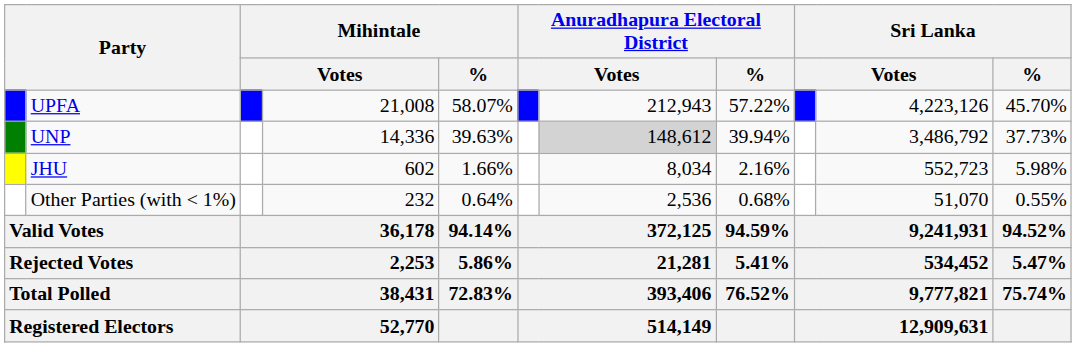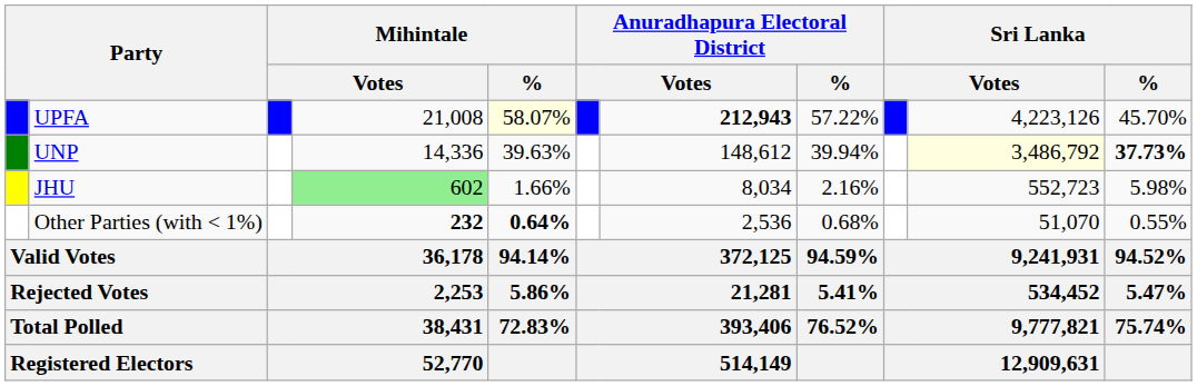 <table class="wikitable">
 <tr>
 <th colspan="2" width="144px"rowspan="2">Party</th>
 <th colspan="3" width="216px">Mihintale</th>
 <th colspan="3" width="216px"><a href='#'>Anuradhapura Electoral District</a></th>
 <th colspan="3" width="216px">Sri Lanka</th>
 </tr>
 <tr>
 <th colspan="2" width="144px">Votes</th>
 <th>%</th>
 <th colspan="2" width="144px">Votes</th>
 <th>%</th>
 <th colspan="2" width="144px">Votes</th>
 <th>%</th>
 </tr>
 <tr>
 <td style="background-color:blue;" width="10px"></td>
 <td style="text-align:left;"><a href='#'>UPFA</a></td>
 <td style="background-color:blue;" width="10px"></td>
 <td style="text-align:right;">21,008</td>
-<td style="text-align:right;">58.07%</td>
+<td style="background: lightyellow; text-align:right;">58.07%</td>
 <td style="background-color:blue;" width="10px"></td>
-<td style="text-align:right;">212,943</td>
+<td style="text-align:right;"><strong>212,943</strong></td>
 <td style="text-align:right;">57.22%</td>
 <td style="background-color:blue;" width="10px"></td>
 <td style="text-align:right;">4,223,126</td>
 <td style="text-align:right;">45.70%</td>
 </tr>
 <tr>
 <td style="background-color:green;" width="10px"></td>
 <td style="text-align:left;"><a href='#'>UNP</a></td>
 <td style="background-color:white;" width="10px"></td>
 <td style="text-align:right;">14,336</td>
 <td style="text-align:right;">39.63%</td>
 <td style="background-color:white;" width="10px"></td>
-<td style="background: lightgrey; text-align:right;">148,612</td>
+<td style="text-align:right;">148,612</td>
 <td style="text-align:right;">39.94%</td>
 <td style="background-color:white;" width="10px"></td>
-<td style="text-align:right;">3,486,792</td>
-<td style="text-align:right;">37.73%</td>
+<td style="background: lightyellow; text-align:right;">3,486,792</td>
+<td style="text-align:right;"><strong>37.73%</strong></td>
 </tr>
 <tr>
 <td style="background-color:yellow;" width="10px"></td>
 <td style="text-align:left;"><a href='#'>JHU</a></td>
 <td style="background-color:white;" width="10px"></td>
-<td style="text-align:right;">602</td>
+<td style="background: lightgreen; text-align:right;">602</td>
 <td style="text-align:right;">1.66%</td>
 <td style="background-color:white;" width="10px"></td>
 <td style="text-align:right;">8,034</td>
 <td style="text-align:right;">2.16%</td>
 <td style="background-color:white;" width="10px"></td>
 <td style="text-align:right;">552,723</td>
 <td style="text-align:right;">5.98%</td>
 </tr>
 <tr>
 <td style="background-color:white;" width="10px"></td>
 <td style="text-align:left;">Other Parties (with < 1%)</td>
 <td style="background-color:white;" width="10px"></td>
-<td style="text-align:right;">232</td>
-<td style="text-align:right;">0.64%</td>
+<td style="text-align:right;"><strong>232</strong></td>
+<td style="text-align:right;"><strong>0.64%</strong></td>
 <td style="background-color:white;" width="10px"></td>
 <td style="text-align:right;">2,536</td>
 <td style="text-align:right;">0.68%</td>
 <td style="background-color:white;" width="10px"></td>
 <td style="text-align:right;">51,070</td>
 <td style="text-align:right;">0.55%</td>
 </tr>
 <tr>
 <th colspan="2" width="144px"style="text-align:left;">Valid Votes</th>
 <th style="text-align:right;"colspan="2" width="144px">36,178</th>
 <th style="text-align:right;">94.14%</th>
 <th style="text-align:right;"colspan="2" width="144px">372,125</th>
 <th style="text-align:right;">94.59%</th>
 <th style="text-align:right;"colspan="2" width="144px">9,241,931</th>
 <th style="text-align:right;">94.52%</th>
 </tr>
 <tr>
 <th colspan="2" width="144px"style="text-align:left;">Rejected Votes</th>
 <th style="text-align:right;"colspan="2" width="144px">2,253</th>
 <th style="text-align:right;">5.86%</th>
 <th style="text-align:right;"colspan="2" width="144px">21,281</th>
 <th style="text-align:right;">5.41%</th>
 <th style="text-align:right;"colspan="2" width="144px">534,452</th>
 <th style="text-align:right;">5.47%</th>
 </tr>
 <tr>
 <th colspan="2" width="144px"style="text-align:left;">Total Polled</th>
 <th style="text-align:right;"colspan="2" width="144px">38,431</th>
 <th style="text-align:right;">72.83%</th>
 <th style="text-align:right;"colspan="2" width="144px">393,406</th>
 <th style="text-align:right;">76.52%</th>
 <th style="text-align:right;"colspan="2" width="144px">9,777,821</th>
 <th style="text-align:right;">75.74%</th>
 </tr>
 <tr>
 <th colspan="2" width="144px"style="text-align:left;">Registered Electors</th>
 <th style="text-align:right;"colspan="2" width="144px">52,770</th>
 <th></th>
 <th style="text-align:right;"colspan="2" width="144px">514,149</th>
 <th></th>
 <th style="text-align:right;"colspan="2" width="144px">12,909,631</th>
 <th></th>
 </tr>
 </table>
